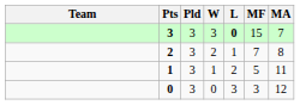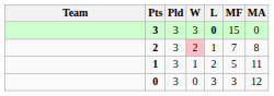 <table class=wikitable style="text-align:center">
 <tr>
 <th width=200>Team</th>
 <th width=20>Pts</th>
 <th width=20>Pld</th>
 <th width=20>W</th>
 <th width=20>L</th>
 <th width=20>MF</th>
 <th width=20>MA</th>
 </tr>
 <tr bgcolor=ccffcc>
 <td style="text-align:left"><strong></strong></td>
 <td><strong>3</strong></td>
 <td>3</td>
 <td>3</td>
 <td><strong>0</strong></td>
 <td>15</td>
-<td>7</td>
+<td>0</td>
 </tr>
 <tr>
 <td style="text-align:left"></td>
 <td><strong>2</strong></td>
 <td>3</td>
-<td>2</td>
+<td style="background: pink;">2</td>
 <td>1</td>
 <td>7</td>
 <td>8</td>
 </tr>
 <tr>
 <td style="text-align:left"></td>
 <td><strong>1</strong></td>
 <td>3</td>
 <td>1</td>
 <td>2</td>
 <td>5</td>
 <td>11</td>
 </tr>
 <tr>
 <td style="text-align:left"></td>
 <td><strong>0</strong></td>
 <td>3</td>
 <td>0</td>
 <td>3</td>
 <td>3</td>
 <td>12</td>
 </tr>
 </table>
